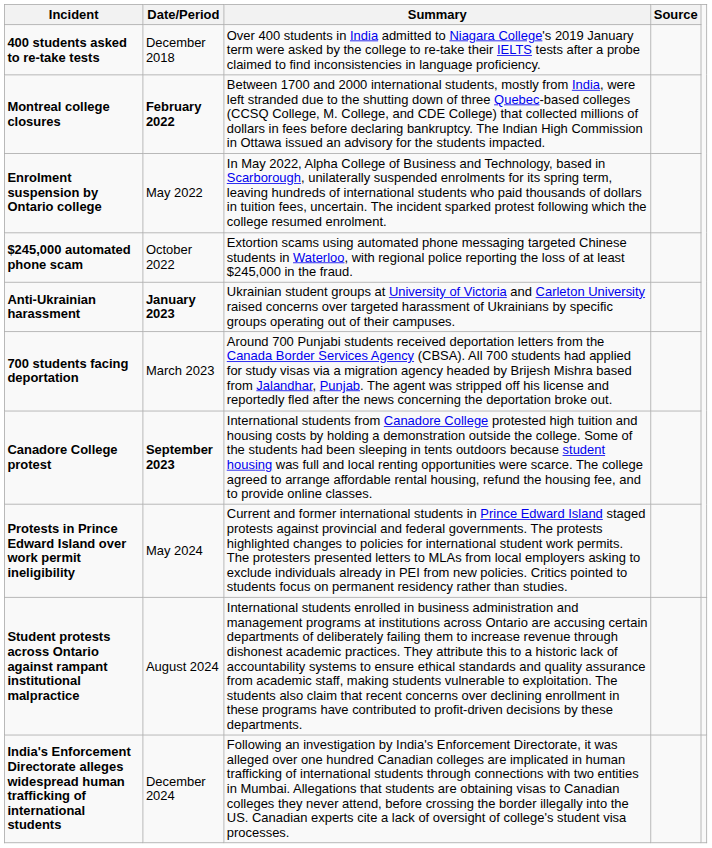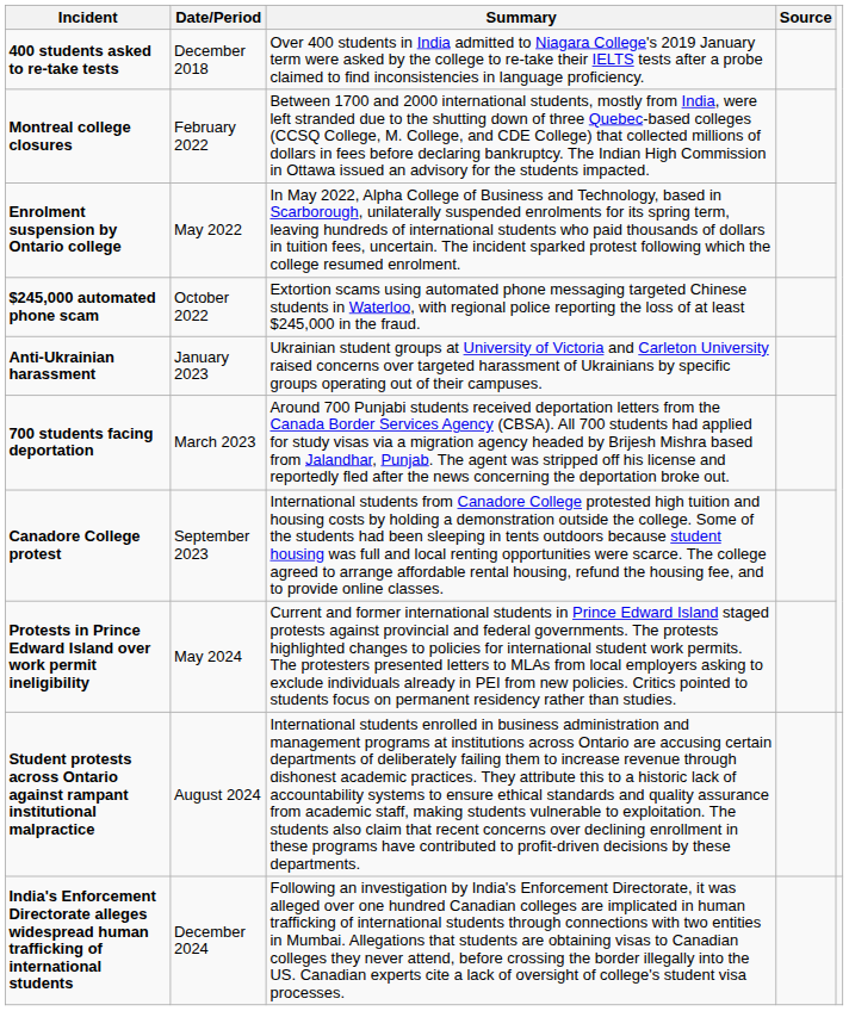 <table class="wikitable">
 <tr>
 <th>Incident</th>
 <th>Date/Period</th>
 <th>Summary</th>
 <th>Source</th>
 </tr>
 <tr>
 <td><strong>400 students asked to re-take tests</strong></td>
 <td>December 2018</td>
 <td>Over 400 students in <a href='#'>India</a> admitted to <a href='#'>Niagara College</a>'s 2019 January term were asked by the college to re-take their <a href='#'>IELTS</a> tests after a probe claimed to find inconsistencies in language proficiency.</td>
 <td></td>
 </tr>
 <tr>
 <td><strong>Montreal college closures</strong></td>
-<td><strong>February 2022</strong></td>
+<td>February 2022</td>
 <td>Between 1700 and 2000 international students, mostly from <a href='#'>India</a>, were left stranded due to the shutting down of three <a href='#'>Quebec</a>-based colleges (CCSQ College, M. College, and CDE College) that collected millions of dollars in fees before declaring bankruptcy. The Indian High Commission in Ottawa issued an advisory for the students impacted.</td>
 <td></td>
 </tr>
 <tr>
 <td><strong>Enrolment suspension by Ontario college</strong></td>
 <td>May 2022</td>
 <td>In May 2022, Alpha College of Business and Technology, based in <a href='#'>Scarborough</a>, unilaterally suspended enrolments for its spring term, leaving hundreds of international students who paid thousands of dollars in tuition fees, uncertain. The incident sparked protest following which the college resumed enrolment.</td>
 <td></td>
 </tr>
 <tr>
 <td><strong>$245,000 automated phone scam</strong></td>
 <td>October 2022</td>
 <td>Extortion scams using automated phone messaging targeted Chinese students in <a href='#'>Waterloo</a>, with regional police reporting the loss of at least $245,000 in the fraud.</td>
 <td></td>
 </tr>
 <tr>
 <td><strong>Anti-Ukrainian harassment</strong></td>
-<td><strong>January 2023</strong></td>
+<td>January 2023</td>
 <td>Ukrainian student groups at <a href='#'>University of Victoria</a> and <a href='#'>Carleton University</a> raised concerns over targeted harassment of Ukrainians by specific groups operating out of their campuses.</td>
 <td></td>
 </tr>
 <tr>
 <td><strong>700 students facing deportation</strong></td>
 <td>March 2023</td>
 <td>Around 700 Punjabi students received deportation letters from the <a href='#'>Canada Border Services Agency</a> (CBSA). All 700 students had applied for study visas via a migration agency headed by Brijesh Mishra based from <a href='#'>Jalandhar</a>, <a href='#'>Punjab</a>. The agent was stripped off his license and reportedly fled after the news concerning the deportation broke out.</td>
 <td></td>
 </tr>
 <tr>
 <td><strong>Canadore College protest</strong></td>
-<td><strong>September 2023</strong></td>
+<td>September 2023</td>
 <td>International students from <a href='#'>Canadore College</a> protested high tuition and housing costs by holding a demonstration outside the college. Some of the students had been sleeping in tents outdoors because <a href='#'>student housing</a> was full and local renting opportunities were scarce. The college agreed to arrange affordable rental housing, refund the housing fee, and to provide online classes.</td>
 <td></td>
 </tr>
 <tr>
 <td><strong>Protests in Prince Edward Island over work permit ineligibility</strong></td>
 <td>May 2024</td>
 <td>Current and former international students in <a href='#'>Prince Edward Island</a> staged protests against provincial and federal governments. The protests highlighted changes to policies for international student work permits. The protesters presented letters to MLAs from local employers asking to exclude individuals already in PEI from new policies. Critics pointed to students focus on permanent residency rather than studies.</td>
 <td></td>
 </tr>
 <tr>
 <td><strong>Student protests across Ontario against rampant institutional malpractice</strong></td>
 <td>August 2024</td>
 <td>International students enrolled in business administration and management programs at institutions across Ontario are accusing certain departments of deliberately failing them to increase revenue through dishonest academic practices. They attribute this to a historic lack of accountability systems to ensure ethical standards and quality assurance from academic staff, making students vulnerable to exploitation. The students also claim that recent concerns over declining enrollment in these programs have contributed to profit-driven decisions by these departments.</td>
 <td></td>
 <td></td>
 </tr>
 <tr>
 <td><strong>India's Enforcement Directorate alleges widespread human trafficking of international students</strong></td>
 <td>December 2024</td>
 <td>Following an investigation by India's Enforcement Directorate, it was alleged over one hundred Canadian colleges are implicated in human trafficking of international students through connections with two entities in Mumbai. Allegations that students are  obtaining visas to Canadian colleges they never attend, before crossing the border illegally into the US. Canadian experts cite a lack of oversight of college's student visa processes.</td>
 <td></td>
 </tr>
 </table>
